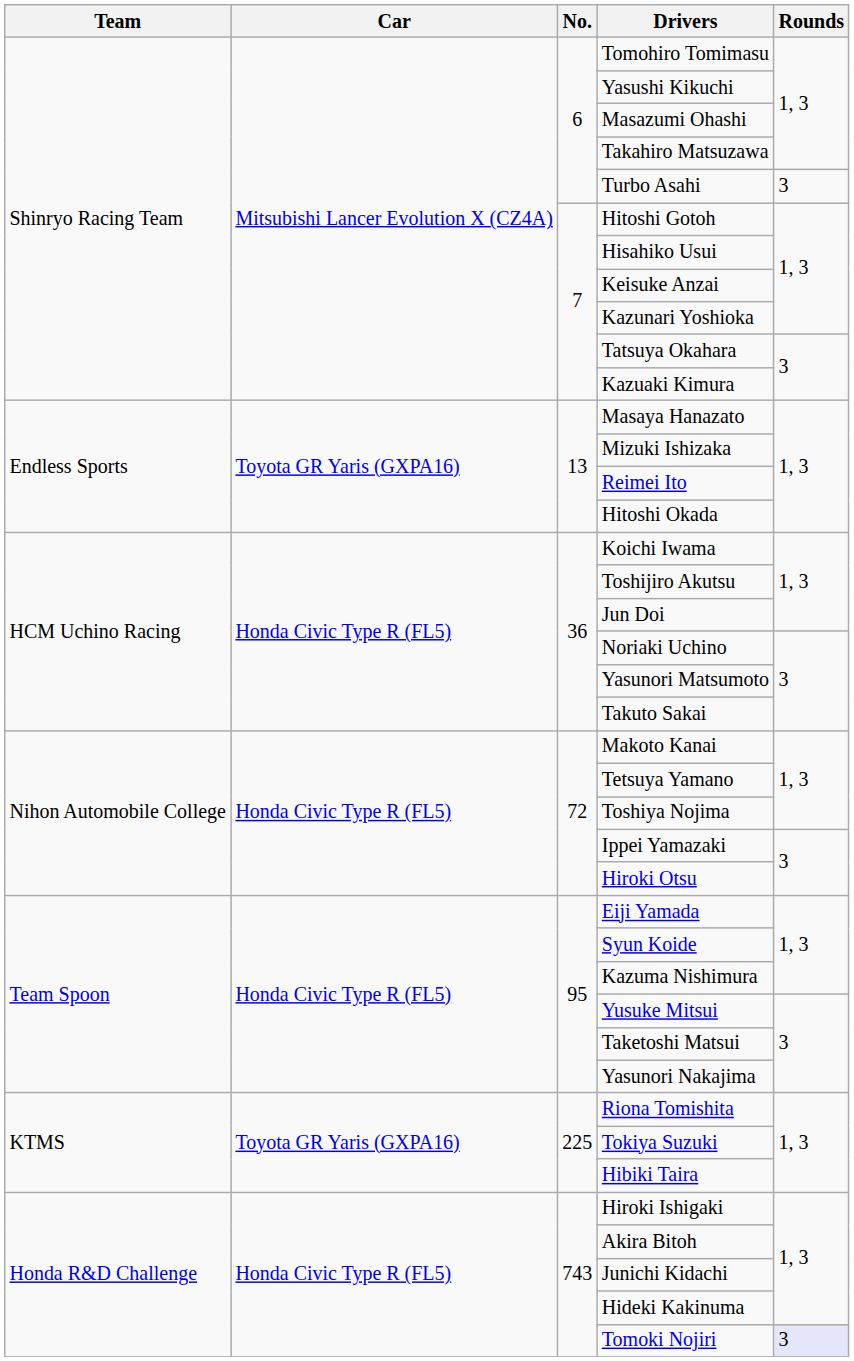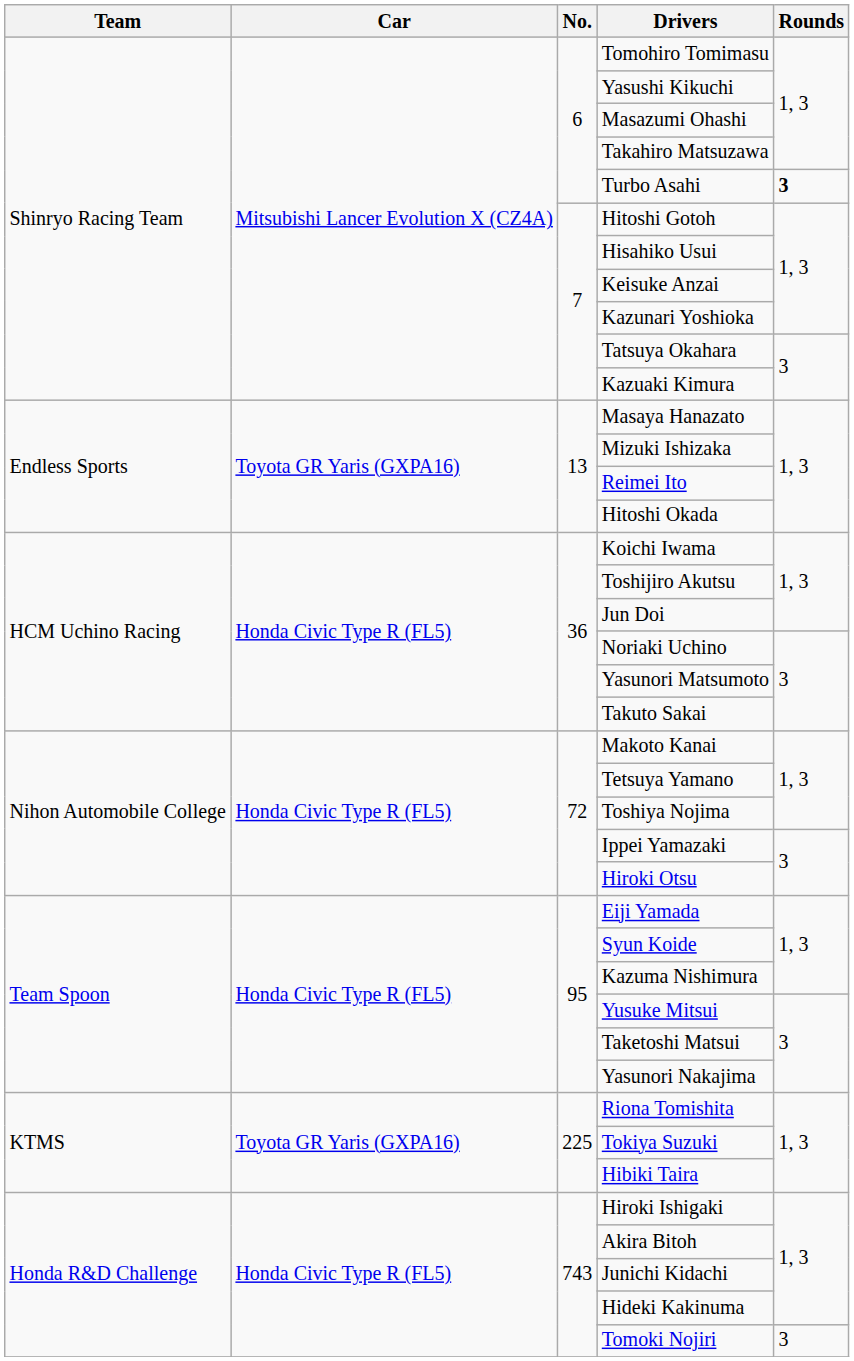 <table class="wikitable" style="font-size: 85%">
 <tr>
 <th>Team</th>
 <th>Car</th>
 <th>No.</th>
 <th>Drivers</th>
 <th>Rounds</th>
 </tr>
 <tr>
 <td rowspan="11"> Shinryo Racing Team</td>
 <td rowspan="11"><a href='#'>Mitsubishi Lancer Evolution X (CZ4A)</a></td>
 <td align="center" rowspan="5">6</td>
 <td> Tomohiro Tomimasu</td>
 <td rowspan="4">1, 3</td>
 </tr>
 <tr>
 <td> Yasushi Kikuchi</td>
 </tr>
 <tr>
 <td> Masazumi Ohashi</td>
 </tr>
 <tr>
 <td> Takahiro Matsuzawa</td>
 </tr>
 <tr>
 <td> Turbo Asahi</td>
-<td>3</td>
+<td><strong>3</strong></td>
 </tr>
 <tr>
 <td align="center" rowspan="6">7</td>
 <td> Hitoshi Gotoh</td>
 <td rowspan="4">1, 3</td>
 </tr>
 <tr>
 <td> Hisahiko Usui</td>
 </tr>
 <tr>
 <td> Keisuke Anzai</td>
 </tr>
 <tr>
 <td> Kazunari Yoshioka</td>
 </tr>
 <tr>
 <td> Tatsuya Okahara</td>
 <td rowspan="2">3</td>
 </tr>
 <tr>
 <td> Kazuaki Kimura</td>
 </tr>
 <tr>
 <td rowspan="4"> Endless Sports</td>
 <td rowspan="4"><a href='#'>Toyota GR Yaris (GXPA16)</a></td>
 <td align="center" rowspan="4">13</td>
 <td> Masaya Hanazato</td>
 <td rowspan="4">1, 3</td>
 </tr>
 <tr>
 <td> Mizuki Ishizaka</td>
 </tr>
 <tr>
 <td> <a href='#'>Reimei Ito</a></td>
 </tr>
 <tr>
 <td> Hitoshi Okada</td>
 </tr>
 <tr>
 <td rowspan="6"> HCM Uchino Racing</td>
 <td rowspan="6"><a href='#'>Honda Civic Type R (FL5)</a></td>
 <td align="center" rowspan="6">36</td>
 <td> Koichi Iwama</td>
 <td rowspan="3">1, 3</td>
 </tr>
 <tr>
 <td> Toshijiro Akutsu</td>
 </tr>
 <tr>
 <td> Jun Doi</td>
 </tr>
 <tr>
 <td> Noriaki Uchino</td>
 <td rowspan="3">3</td>
 </tr>
 <tr>
 <td> Yasunori Matsumoto</td>
 </tr>
 <tr>
 <td> Takuto Sakai</td>
 </tr>
 <tr>
 <td rowspan="5"> Nihon Automobile College</td>
 <td rowspan="5"><a href='#'>Honda Civic Type R (FL5)</a></td>
 <td align="center" rowspan="5">72</td>
 <td> Makoto Kanai</td>
 <td rowspan="3">1, 3</td>
 </tr>
 <tr>
 <td> Tetsuya Yamano</td>
 </tr>
 <tr>
 <td> Toshiya Nojima</td>
 </tr>
 <tr>
 <td> Ippei Yamazaki</td>
 <td rowspan="2">3</td>
 </tr>
 <tr>
 <td> <a href='#'>Hiroki Otsu</a></td>
 </tr>
 <tr>
 <td rowspan="6"> <a href='#'>Team Spoon</a></td>
 <td rowspan="6"><a href='#'>Honda Civic Type R (FL5)</a></td>
 <td align="center" rowspan="6">95</td>
 <td> <a href='#'>Eiji Yamada</a></td>
 <td rowspan="3">1, 3</td>
 </tr>
 <tr>
 <td> <a href='#'>Syun Koide</a></td>
 </tr>
 <tr>
 <td> Kazuma Nishimura</td>
 </tr>
 <tr>
 <td> <a href='#'>Yusuke Mitsui</a></td>
 <td rowspan="3">3</td>
 </tr>
 <tr>
 <td> Taketoshi Matsui</td>
 </tr>
 <tr>
 <td> Yasunori Nakajima</td>
 </tr>
 <tr>
 <td rowspan="3"> KTMS</td>
 <td rowspan="3"><a href='#'>Toyota GR Yaris (GXPA16)</a></td>
 <td align="center" rowspan="3">225</td>
 <td> <a href='#'>Riona Tomishita</a></td>
 <td rowspan="3">1, 3</td>
 </tr>
 <tr>
 <td> <a href='#'>Tokiya Suzuki</a></td>
 </tr>
 <tr>
 <td> <a href='#'>Hibiki Taira</a></td>
 </tr>
 <tr>
 <td rowspan="5"> <a href='#'>Honda R&D Challenge</a></td>
 <td rowspan="5"><a href='#'>Honda Civic Type R (FL5)</a></td>
 <td align="center" rowspan="5">743</td>
 <td> Hiroki Ishigaki</td>
 <td rowspan="4">1, 3</td>
 </tr>
 <tr>
 <td> Akira Bitoh</td>
 </tr>
 <tr>
 <td> Junichi Kidachi</td>
 </tr>
 <tr>
 <td> Hideki Kakinuma</td>
 </tr>
 <tr>
 <td> <a href='#'>Tomoki Nojiri</a></td>
-<td style="background: lavender;">3</td>
+<td>3</td>
 </tr>
 <tr>
 </tr>
 </table>
